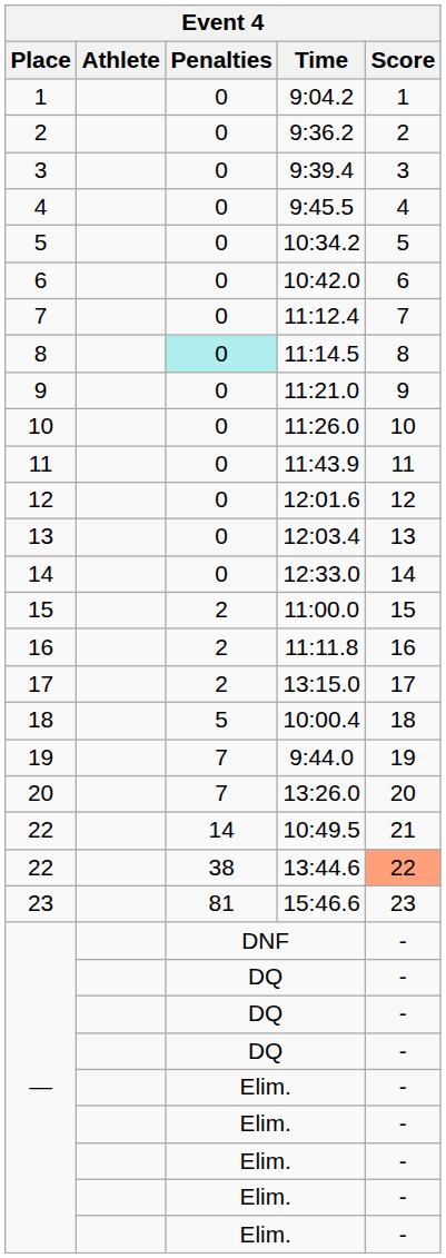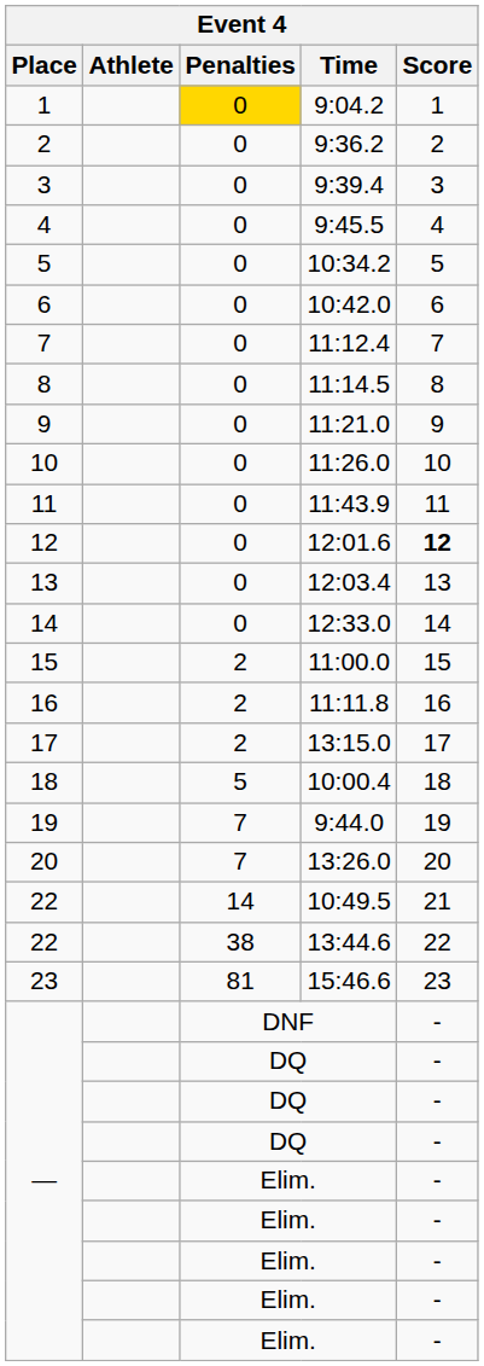 <table class=wikitable style="text-align:center">
 <tr>
 <th colspan=5><strong>Event 4</strong></th>
 </tr>
 <tr>
 <th>Place</th>
 <th>Athlete</th>
 <th>Penalties</th>
 <th>Time</th>
 <th>Score</th>
 </tr>
 <tr>
 <td>1</td>
 <td align=left></td>
-<td>0</td>
+<td style="background: gold;">0</td>
 <td>9:04.2</td>
 <td>1</td>
 </tr>
 <tr>
 <td>2</td>
 <td align=left></td>
 <td>0</td>
 <td>9:36.2</td>
 <td>2</td>
 </tr>
 <tr>
 <td>3</td>
 <td align=left></td>
 <td>0</td>
 <td>9:39.4</td>
 <td>3</td>
 </tr>
 <tr>
 <td>4</td>
 <td align=left></td>
 <td>0</td>
 <td>9:45.5</td>
 <td>4</td>
 </tr>
 <tr>
 <td>5</td>
 <td align=left></td>
 <td>0</td>
 <td>10:34.2</td>
 <td>5</td>
 </tr>
 <tr>
 <td>6</td>
 <td align=left></td>
 <td>0</td>
 <td>10:42.0</td>
 <td>6</td>
 </tr>
 <tr>
 <td>7</td>
 <td align=left></td>
 <td>0</td>
 <td>11:12.4</td>
 <td>7</td>
 </tr>
 <tr>
 <td>8</td>
 <td align=left></td>
-<td style="background: paleturquoise;">0</td>
+<td>0</td>
 <td>11:14.5</td>
 <td>8</td>
 </tr>
 <tr>
 <td>9</td>
 <td align=left></td>
 <td>0</td>
 <td>11:21.0</td>
 <td>9</td>
 </tr>
 <tr>
 <td>10</td>
 <td align=left></td>
 <td>0</td>
 <td>11:26.0</td>
 <td>10</td>
 </tr>
 <tr>
 <td>11</td>
 <td align=left></td>
 <td>0</td>
 <td>11:43.9</td>
 <td>11</td>
 </tr>
 <tr>
 <td>12</td>
 <td align=left></td>
 <td>0</td>
 <td>12:01.6</td>
-<td>12</td>
+<td><strong>12</strong></td>
 </tr>
 <tr>
 <td>13</td>
 <td align=left></td>
 <td>0</td>
 <td>12:03.4</td>
 <td>13</td>
 </tr>
 <tr>
 <td>14</td>
 <td align=left></td>
 <td>0</td>
 <td>12:33.0</td>
 <td>14</td>
 </tr>
 <tr>
 <td>15</td>
 <td align=left></td>
 <td>2</td>
 <td>11:00.0</td>
 <td>15</td>
 </tr>
 <tr>
 <td>16</td>
 <td align=left></td>
 <td>2</td>
 <td>11:11.8</td>
 <td>16</td>
 </tr>
 <tr>
 <td>17</td>
 <td align=left></td>
 <td>2</td>
 <td>13:15.0</td>
 <td>17</td>
 </tr>
 <tr>
 <td>18</td>
 <td align=left></td>
 <td>5</td>
 <td>10:00.4</td>
 <td>18</td>
 </tr>
 <tr>
 <td>19</td>
 <td align=left></td>
 <td>7</td>
 <td>9:44.0</td>
 <td>19</td>
 </tr>
 <tr>
 <td>20</td>
 <td align=left></td>
 <td>7</td>
 <td>13:26.0</td>
 <td>20</td>
 </tr>
 <tr>
 <td>22</td>
 <td align=left></td>
 <td>14</td>
 <td>10:49.5</td>
 <td>21</td>
 </tr>
 <tr>
 <td>22</td>
 <td align=left></td>
 <td>38</td>
 <td>13:44.6</td>
-<td style="background: lightsalmon;">22</td>
+<td>22</td>
 </tr>
 <tr>
 <td>23</td>
 <td align=left></td>
 <td>81</td>
 <td>15:46.6</td>
 <td>23</td>
 </tr>
 <tr>
 <td rowspan=9>—</td>
 <td align=left></td>
 <td colspan=2>DNF</td>
 <td>-</td>
 </tr>
 <tr>
 <td align=left></td>
 <td colspan=2>DQ</td>
 <td>-</td>
 </tr>
 <tr>
 <td align=left></td>
 <td colspan=2>DQ</td>
 <td>-</td>
 </tr>
 <tr>
 <td align=left></td>
 <td colspan=2>DQ</td>
 <td>-</td>
 </tr>
 <tr>
 <td align=left></td>
 <td colspan=2>Elim.</td>
 <td>-</td>
 </tr>
 <tr>
 <td align=left></td>
 <td colspan=2>Elim.</td>
 <td>-</td>
 </tr>
 <tr>
 <td align=left></td>
 <td colspan=2>Elim.</td>
 <td>-</td>
 </tr>
 <tr>
 <td align=left></td>
 <td colspan=2>Elim.</td>
 <td>-</td>
 </tr>
 <tr>
 <td align=left></td>
 <td colspan=2>Elim.</td>
 <td>-</td>
 </tr>
 </table>
